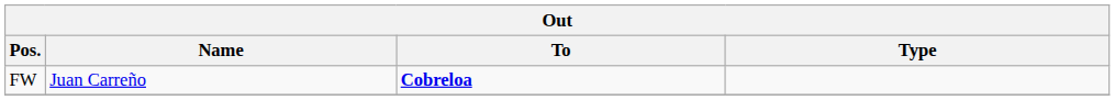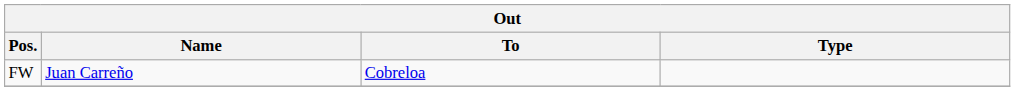 <table class="wikitable" style="font-size:90%;width:99%;">
 <tr>
 <th colspan="4">Out</th>
 </tr>
 <tr>
 <th width=3%>Pos.</th>
 <th width=32%>Name</th>
 <th width=30%>To</th>
 <th width=35%>Type</th>
 </tr>
 <tr>
 <td>FW</td>
 <td><a href='#'>Juan Carreño</a></td>
-<td><strong><a href='#'>Cobreloa</a></strong></td>
+<td><a href='#'>Cobreloa</a></td>
 <td></td>
 </tr>
 <tr>
 </tr>
 </table>
